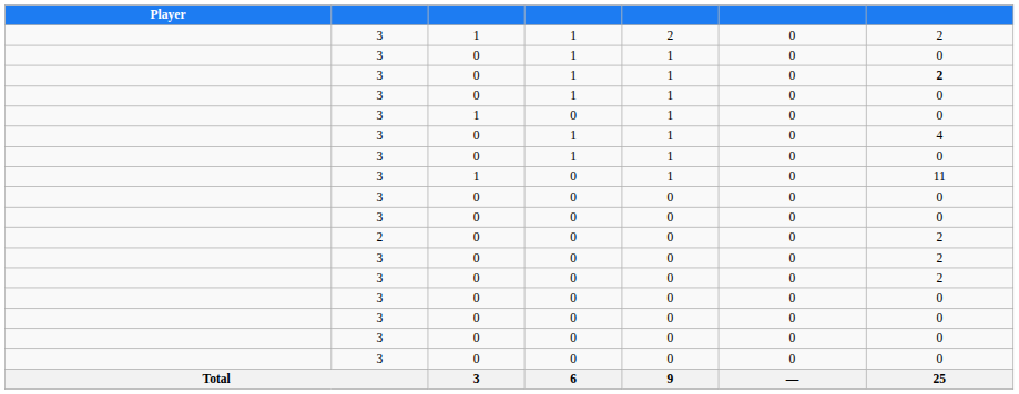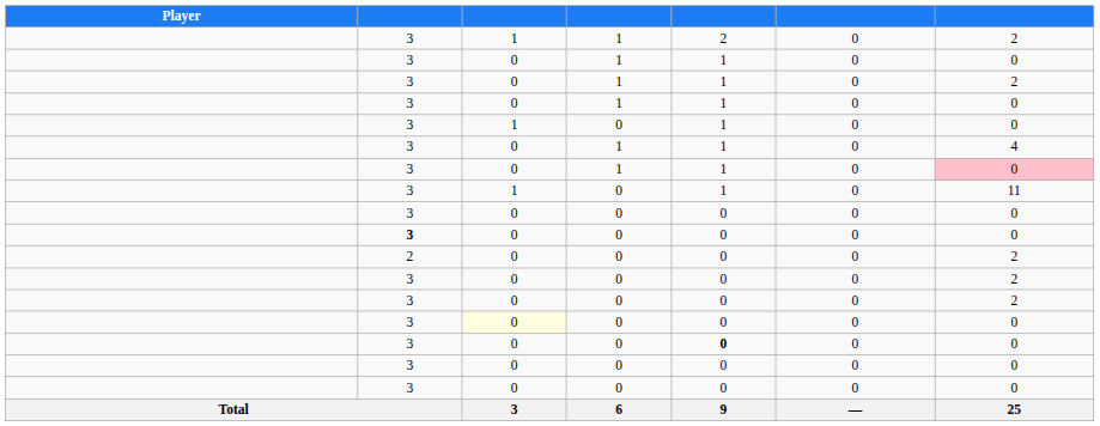 <table class="wikitable sortable" style="width:100%; text-align:center;">
 <tr>
 <th style="color:white; background:#1D7CF2; ">Player</th>
 <th style="color:white; background:#1D7CF2; "></th>
 <th style="color:white; background:#1D7CF2; "></th>
 <th style="color:white; background:#1D7CF2; "></th>
 <th style="color:white; background:#1D7CF2; "></th>
 <th style="color:white; background:#1D7CF2; "></th>
 <th style="color:white; background:#1D7CF2; "></th>
 </tr>
 <tr>
 <td></td>
 <td>3</td>
 <td>1</td>
 <td>1</td>
 <td>2</td>
 <td>0</td>
 <td>2</td>
 </tr>
 <tr>
 <td></td>
 <td>3</td>
 <td>0</td>
 <td>1</td>
 <td>1</td>
 <td>0</td>
 <td>0</td>
 </tr>
 <tr>
 <td></td>
 <td>3</td>
 <td>0</td>
 <td>1</td>
 <td>1</td>
 <td>0</td>
-<td><strong>2</strong></td>
+<td>2</td>
 </tr>
 <tr>
 <td></td>
 <td>3</td>
 <td>0</td>
 <td>1</td>
 <td>1</td>
 <td>0</td>
 <td>0</td>
 </tr>
 <tr>
 <td></td>
 <td>3</td>
 <td>1</td>
 <td>0</td>
 <td>1</td>
 <td>0</td>
 <td>0</td>
 </tr>
 <tr>
 <td></td>
 <td>3</td>
 <td>0</td>
 <td>1</td>
 <td>1</td>
 <td>0</td>
 <td>4</td>
 </tr>
 <tr>
 <td></td>
 <td>3</td>
 <td>0</td>
 <td>1</td>
 <td>1</td>
 <td>0</td>
-<td>0</td>
+<td style="background: pink;">0</td>
 </tr>
 <tr>
 <td></td>
 <td>3</td>
 <td>1</td>
 <td>0</td>
 <td>1</td>
 <td>0</td>
 <td>11</td>
 </tr>
 <tr>
 <td></td>
 <td>3</td>
 <td>0</td>
 <td>0</td>
 <td>0</td>
 <td>0</td>
 <td>0</td>
 </tr>
 <tr>
 <td></td>
-<td>3</td>
+<td><strong>3</strong></td>
 <td>0</td>
 <td>0</td>
 <td>0</td>
 <td>0</td>
 <td>0</td>
 </tr>
 <tr>
 <td></td>
 <td>2</td>
 <td>0</td>
 <td>0</td>
 <td>0</td>
 <td>0</td>
 <td>2</td>
 </tr>
 <tr>
 <td></td>
 <td>3</td>
 <td>0</td>
 <td>0</td>
 <td>0</td>
 <td>0</td>
 <td>2</td>
 </tr>
 <tr>
 <td></td>
 <td>3</td>
 <td>0</td>
 <td>0</td>
 <td>0</td>
 <td>0</td>
 <td>2</td>
 </tr>
 <tr>
 <td></td>
 <td>3</td>
-<td>0</td>
+<td style="background: lightyellow;">0</td>
 <td>0</td>
 <td>0</td>
 <td>0</td>
 <td>0</td>
 </tr>
 <tr>
 <td></td>
 <td>3</td>
 <td>0</td>
 <td>0</td>
-<td>0</td>
+<td><strong>0</strong></td>
 <td>0</td>
 <td>0</td>
 </tr>
 <tr>
 <td></td>
 <td>3</td>
 <td>0</td>
 <td>0</td>
 <td>0</td>
 <td>0</td>
 <td>0</td>
 </tr>
 <tr>
 <td></td>
 <td>3</td>
 <td>0</td>
 <td>0</td>
 <td>0</td>
 <td>0</td>
 <td>0</td>
 </tr>
 <tr class="sortbottom">
 <th colspan=2>Total</th>
 <th>3</th>
 <th>6</th>
 <th>9</th>
 <th>—</th>
 <th>25</th>
 </tr>
 </table>
